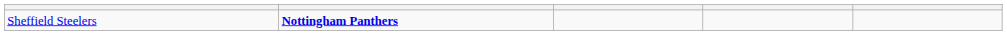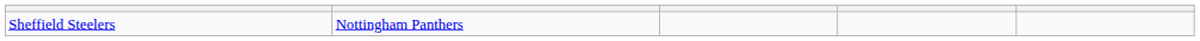 <table class="wikitable" style="width: 100%">
 <tr>
 <th width="27.5%"></th>
 <th width="27.5%"></th>
 <th width="15%"></th>
 <th width="15%"></th>
 <th width="15%"></th>
 </tr>
 <tr align=center>
 <td align=left><a href='#'>Sheffield Steelers</a></td>
-<td align=left><strong><a href='#'>Nottingham Panthers</a></strong></td>
+<td align=left><a href='#'>Nottingham Panthers</a></td>
 <td></td>
 <td></td>
 <td></td>
 </tr>
 </table>
